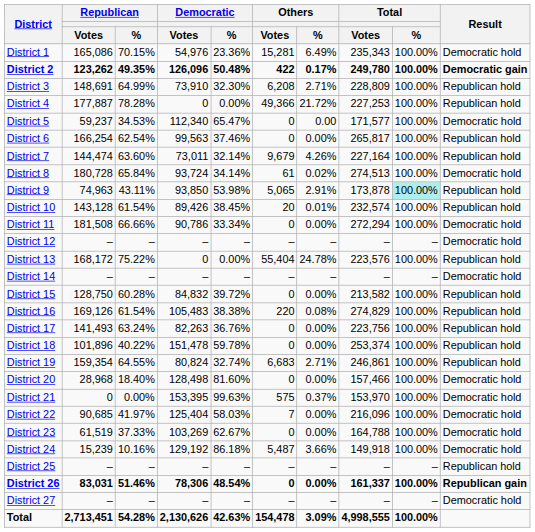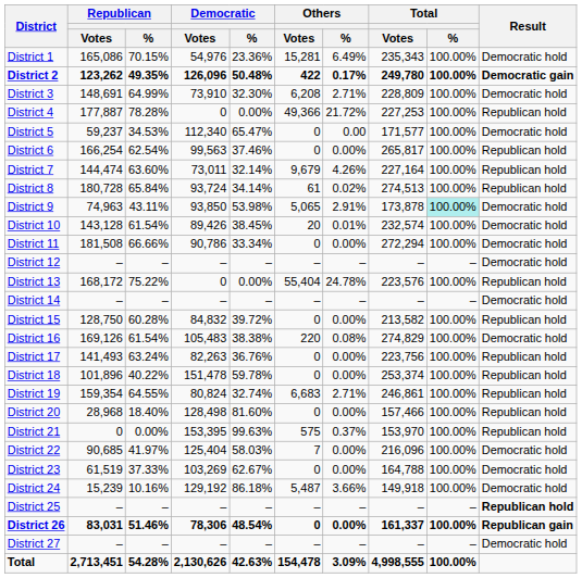 <table class="wikitable plainrowheaders sortable" style="font-size:100%; text-align:right;">
 <tr>
 <th scope=col rowspan=3><a href='#'>District</a></th>
 <th scope=col colspan=2><a href='#'>Republican</a></th>
 <th scope=col colspan=2><a href='#'>Democratic</a></th>
 <th scope=col colspan=2>Others</th>
 <th scope=col colspan=2>Total</th>
 <th scope=col rowspan=3>Result</th>
 </tr>
 <tr>
 <th scope=col colspan=2 style="background:"></th>
 <th scope=col colspan=2 style="background:"></th>
 <th scope=col colspan=2></th>
 <th scope=col colspan=2></th>
 </tr>
 <tr>
 <th scope=col data-sort-type="number">Votes</th>
 <th scope=col data-sort-type="number">%</th>
 <th scope=col data-sort-type="number">Votes</th>
 <th scope=col data-sort-type="number">%</th>
 <th scope=col data-sort-type="number">Votes</th>
 <th scope=col data-sort-type="number">%</th>
 <th scope=col data-sort-type="number">Votes</th>
 <th scope=col data-sort-type="number">%</th>
 </tr>
 <tr>
 <td align=left><a href='#'>District 1</a></td>
 <td>165,086</td>
 <td>70.15%</td>
 <td>54,976</td>
 <td>23.36%</td>
 <td>15,281</td>
 <td>6.49%</td>
 <td>235,343</td>
 <td>100.00%</td>
 <td align=left>Democratic hold</td>
 </tr>
 <tr>
 <td align=left><strong><a href='#'>District 2</a></strong></td>
 <td><strong>123,262</strong></td>
 <td><strong>49.35%</strong></td>
 <td><strong>126,096</strong></td>
 <td><strong>50.48%</strong></td>
 <td><strong>422</strong></td>
 <td><strong>0.17%</strong></td>
 <td><strong>249,780</strong></td>
 <td><strong>100.00%</strong></td>
 <td align=left><strong>Democratic gain</strong></td>
 </tr>
 <tr>
 <td align=left><a href='#'>District 3</a></td>
 <td>148,691</td>
 <td>64.99%</td>
 <td>73,910</td>
 <td>32.30%</td>
 <td>6,208</td>
 <td>2.71%</td>
 <td>228,809</td>
 <td>100.00%</td>
-<td align=left>Republican hold</td>
+<td align=left>Democratic hold</td>
 </tr>
 <tr>
 <td align=left><a href='#'>District 4</a></td>
 <td>177,887</td>
 <td>78.28%</td>
 <td>0</td>
 <td>0.00%</td>
 <td>49,366</td>
 <td>21.72%</td>
 <td>227,253</td>
 <td>100.00%</td>
 <td align=left>Republican hold</td>
 </tr>
 <tr>
 <td align=left><a href='#'>District 5</a></td>
 <td>59,237</td>
 <td>34.53%</td>
 <td>112,340</td>
 <td>65.47%</td>
 <td>0</td>
 <td>0.00</td>
 <td>171,577</td>
 <td>100.00%</td>
 <td align=left>Democratic hold</td>
 </tr>
 <tr>
 <td align=left><a href='#'>District 6</a></td>
 <td>166,254</td>
 <td>62.54%</td>
 <td>99,563</td>
 <td>37.46%</td>
 <td>0</td>
 <td>0.00%</td>
 <td>265,817</td>
 <td>100.00%</td>
 <td align=left>Republican hold</td>
 </tr>
 <tr>
 <td align=left><a href='#'>District 7</a></td>
 <td>144,474</td>
 <td>63.60%</td>
 <td>73,011</td>
 <td>32.14%</td>
 <td>9,679</td>
 <td>4.26%</td>
 <td>227,164</td>
 <td>100.00%</td>
 <td align=left>Republican hold</td>
 </tr>
 <tr>
 <td align=left><a href='#'>District 8</a></td>
 <td>180,728</td>
 <td>65.84%</td>
 <td>93,724</td>
 <td>34.14%</td>
 <td>61</td>
 <td>0.02%</td>
 <td>274,513</td>
 <td>100.00%</td>
-<td align=left>Democratic hold</td>
+<td align=left>Republican hold</td>
 </tr>
 <tr>
 <td align=left><a href='#'>District 9</a></td>
 <td>74,963</td>
 <td>43.11%</td>
 <td>93,850</td>
 <td>53.98%</td>
 <td>5,065</td>
 <td>2.91%</td>
 <td>173,878</td>
 <td style="background: paleturquoise;">100.00%</td>
-<td align=left>Republican hold</td>
+<td align=left>Democratic hold</td>
 </tr>
 <tr>
 <td align=left><a href='#'>District 10</a></td>
 <td>143,128</td>
 <td>61.54%</td>
 <td>89,426</td>
 <td>38.45%</td>
 <td>20</td>
 <td>0.01%</td>
 <td>232,574</td>
 <td>100.00%</td>
-<td align=left>Republican hold</td>
+<td align=left>Democratic hold</td>
 </tr>
 <tr>
 <td align=left><a href='#'>District 11</a></td>
 <td>181,508</td>
 <td>66.66%</td>
 <td>90,786</td>
 <td>33.34%</td>
 <td>0</td>
 <td>0.00%</td>
 <td>272,294</td>
 <td>100.00%</td>
 <td align=left>Democratic hold</td>
 </tr>
 <tr>
 <td align=left><a href='#'>District 12</a></td>
 <td>–</td>
 <td>–</td>
 <td>–</td>
 <td>–</td>
 <td>–</td>
 <td>–</td>
 <td>–</td>
 <td>–</td>
 <td align=left>Democratic hold</td>
 </tr>
 <tr>
 <td align=left><a href='#'>District 13</a></td>
 <td>168,172</td>
 <td>75.22%</td>
 <td>0</td>
 <td>0.00%</td>
 <td>55,404</td>
 <td>24.78%</td>
 <td>223,576</td>
 <td>100.00%</td>
 <td align=left>Republican hold</td>
 </tr>
 <tr>
 <td align=left><a href='#'>District 14</a></td>
 <td>–</td>
 <td>–</td>
 <td>–</td>
 <td>–</td>
 <td>–</td>
 <td>–</td>
 <td>–</td>
 <td>–</td>
 <td align=left>Democratic hold</td>
 </tr>
 <tr>
 <td align=left><a href='#'>District 15</a></td>
 <td>128,750</td>
 <td>60.28%</td>
 <td>84,832</td>
 <td>39.72%</td>
 <td>0</td>
 <td>0.00%</td>
 <td>213,582</td>
 <td>100.00%</td>
 <td align=left>Republican hold</td>
 </tr>
 <tr>
 <td align=left><a href='#'>District 16</a></td>
 <td>169,126</td>
 <td>61.54%</td>
 <td>105,483</td>
 <td>38.38%</td>
 <td>220</td>
 <td>0.08%</td>
 <td>274,829</td>
 <td>100.00%</td>
-<td align=left>Republican hold</td>
+<td align=left>Democratic hold</td>
 </tr>
 <tr>
 <td align=left><a href='#'>District 17</a></td>
 <td>141,493</td>
 <td>63.24%</td>
 <td>82,263</td>
 <td>36.76%</td>
 <td>0</td>
 <td>0.00%</td>
 <td>223,756</td>
 <td>100.00%</td>
 <td align=left>Republican hold</td>
 </tr>
 <tr>
 <td align=left><a href='#'>District 18</a></td>
 <td>101,896</td>
 <td>40.22%</td>
 <td>151,478</td>
 <td>59.78%</td>
 <td>0</td>
 <td>0.00%</td>
 <td>253,374</td>
 <td>100.00%</td>
 <td align=left>Republican hold</td>
 </tr>
 <tr>
 <td align=left><a href='#'>District 19</a></td>
 <td>159,354</td>
 <td>64.55%</td>
 <td>80,824</td>
 <td>32.74%</td>
 <td>6,683</td>
 <td>2.71%</td>
 <td>246,861</td>
 <td>100.00%</td>
 <td align=left>Republican hold</td>
 </tr>
 <tr>
 <td align=left><a href='#'>District 20</a></td>
 <td>28,968</td>
 <td>18.40%</td>
 <td>128,498</td>
 <td>81.60%</td>
 <td>0</td>
 <td>0.00%</td>
 <td>157,466</td>
 <td>100.00%</td>
-<td align=left>Democratic hold</td>
+<td align=left>Republican hold</td>
 </tr>
 <tr>
 <td align=left><a href='#'>District 21</a></td>
 <td>0</td>
 <td>0.00%</td>
 <td>153,395</td>
 <td>99.63%</td>
 <td>575</td>
 <td>0.37%</td>
 <td>153,970</td>
 <td>100.00%</td>
-<td align=left>Democratic hold</td>
+<td align=left>Republican hold</td>
 </tr>
 <tr>
 <td align=left><a href='#'>District 22</a></td>
 <td>90,685</td>
 <td>41.97%</td>
 <td>125,404</td>
 <td>58.03%</td>
 <td>7</td>
 <td>0.00%</td>
 <td>216,096</td>
 <td>100.00%</td>
 <td align=left>Democratic hold</td>
 </tr>
 <tr>
 <td align=left><a href='#'>District 23</a></td>
 <td>61,519</td>
 <td>37.33%</td>
 <td>103,269</td>
 <td>62.67%</td>
 <td>0</td>
 <td>0.00%</td>
 <td>164,788</td>
 <td>100.00%</td>
 <td align=left>Democratic hold</td>
 </tr>
 <tr>
 <td align=left><a href='#'>District 24</a></td>
 <td>15,239</td>
 <td>10.16%</td>
 <td>129,192</td>
 <td>86.18%</td>
 <td>5,487</td>
 <td>3.66%</td>
 <td>149,918</td>
 <td>100.00%</td>
 <td align=left>Democratic hold</td>
 </tr>
 <tr>
 <td align=left><a href='#'>District 25</a></td>
 <td>–</td>
 <td>–</td>
 <td>–</td>
 <td>–</td>
 <td>–</td>
 <td>–</td>
 <td>–</td>
 <td>–</td>
-<td align=left>Republican hold</td>
+<td align=left><strong>Republican hold</strong></td>
 </tr>
 <tr>
 <td align=left><strong><a href='#'>District 26</a></strong></td>
 <td><strong>83,031</strong></td>
 <td><strong>51.46%</strong></td>
 <td><strong>78,306</strong></td>
 <td><strong>48.54%</strong></td>
 <td><strong>0</strong></td>
 <td><strong>0.00%</strong></td>
 <td><strong>161,337</strong></td>
 <td><strong>100.00%</strong></td>
 <td align=left><strong>Republican gain</strong></td>
 </tr>
 <tr>
 <td align=left><a href='#'>District 27</a></td>
 <td>–</td>
 <td>–</td>
 <td>–</td>
 <td>–</td>
 <td>–</td>
 <td>–</td>
 <td>–</td>
 <td>–</td>
 <td align=left>Democratic hold</td>
 </tr>
 <tr class="sortbottom" style="font-weight:bold">
 <td align=left>Total</td>
 <td>2,713,451</td>
 <td>54.28%</td>
 <td>2,130,626</td>
 <td>42.63%</td>
 <td>154,478</td>
 <td>3.09%</td>
 <td>4,998,555</td>
 <td>100.00%</td>
 <td></td>
 </tr>
 </table>
